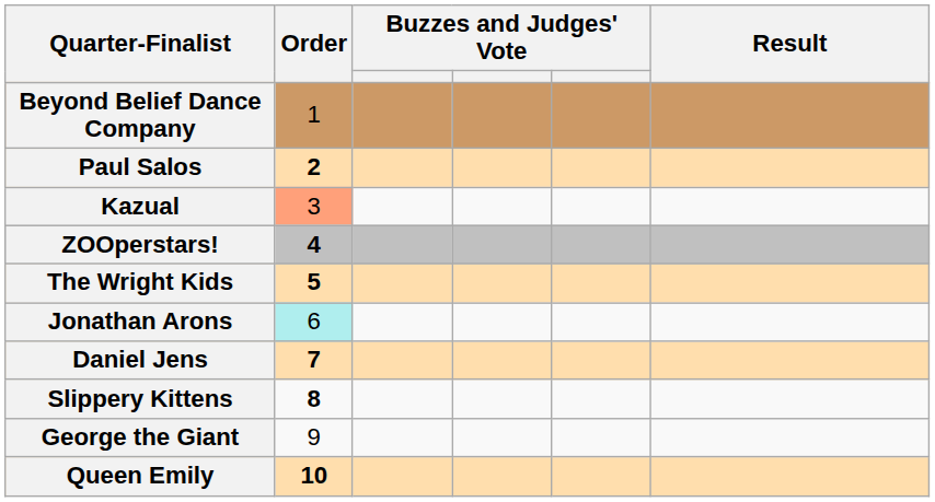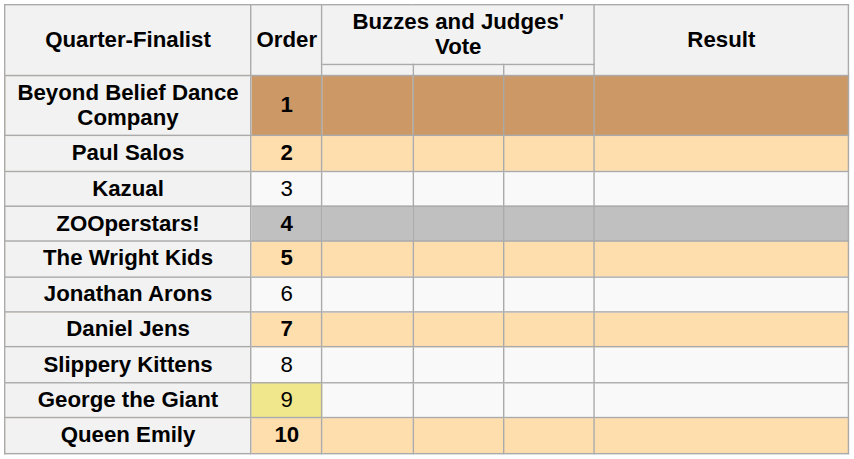 <table class="wikitable plainrowheaders sortable" style="text-align:center;">
 <tr>
 <th scope="col" rowspan="2" class="unsortable" style="width:17em;">Quarter-Finalist</th>
 <th scope="col" rowspan="2" style="width:1em;">Order</th>
 <th scope="col" colspan="3" class="unsortable" style="width:24em;">Buzzes and Judges' Vote</th>
 <th scope="col" rowspan="2" style="width:23em;">Result</th>
 </tr>
 <tr>
 <th scope="col" class="unsortable" style="width:6em;"></th>
 <th scope="col" class="unsortable" style="width:6em;"></th>
 <th scope="col" class="unsortable" style="width:6em;"></th>
 </tr>
 <tr style="background:#c96;">
 <th scope="row">Beyond Belief Dance Company</th>
-<td>1</td>
+<td><strong>1</strong></td>
 <td style="text-align:center;"></td>
 <td style="text-align:center;"></td>
 <td style="text-align:center;"></td>
 <td></td>
 </tr>
 <tr style="background:NavajoWhite;">
 <th scope="row"><strong>Paul Salos</strong></th>
 <td><strong>2</strong></td>
 <td style="text-align:center;"></td>
 <td style="text-align:center;"></td>
 <td style="text-align:center;"></td>
 <td><strong></strong></td>
 </tr>
 <tr>
 <th scope="row">Kazual</th>
-<td style="background: lightsalmon;">3</td>
+<td>3</td>
 <td style="text-align:center;"></td>
 <td style="text-align:center;"></td>
 <td style="text-align:center;"></td>
 <td></td>
 </tr>
 <tr style="background:silver;">
 <th scope="row"><strong>ZOOperstars!</strong></th>
 <td><strong>4</strong></td>
 <td style="text-align:center;"></td>
 <td style="text-align:center;"></td>
 <td style="text-align:center;"></td>
 <td><strong></strong></td>
 </tr>
 <tr style="background:NavajoWhite;">
 <th scope="row"><strong>The Wright Kids</strong></th>
 <td><strong>5</strong></td>
 <td style="text-align:center;"></td>
 <td style="text-align:center;"></td>
 <td style="text-align:center;"></td>
 <td><strong></strong></td>
 </tr>
 <tr>
 <th scope="row">Jonathan Arons</th>
-<td style="background: paleturquoise;">6</td>
+<td>6</td>
 <td style="text-align:center;"></td>
 <td style="text-align:center;"></td>
 <td style="text-align:center;"></td>
 <td></td>
 </tr>
 <tr style="background:NavajoWhite;">
 <th scope="row"><strong>Daniel Jens</strong></th>
 <td><strong>7</strong></td>
 <td style="text-align:center;"></td>
 <td style="text-align:center;"></td>
 <td style="text-align:center;"></td>
 <td><strong></strong></td>
 </tr>
 <tr>
 <th scope="row">Slippery Kittens</th>
-<td><strong>8</strong></td>
+<td>8</td>
 <td style="text-align:center;"></td>
 <td style="text-align:center;"></td>
 <td style="text-align:center;"></td>
 <td></td>
 </tr>
 <tr>
 <th scope="row">George the Giant</th>
-<td>9</td>
+<td style="background: khaki;">9</td>
 <td style="text-align:center;"></td>
 <td style="text-align:center;"></td>
 <td style="text-align:center;"></td>
 <td></td>
 </tr>
 <tr style="background:NavajoWhite;">
 <th scope="row"><strong>Queen Emily</strong></th>
 <td><strong>10</strong></td>
 <td style="text-align:center;"></td>
 <td style="text-align:center;"></td>
 <td style="text-align:center;"></td>
 <td><strong></strong></td>
 </tr>
 </table>
